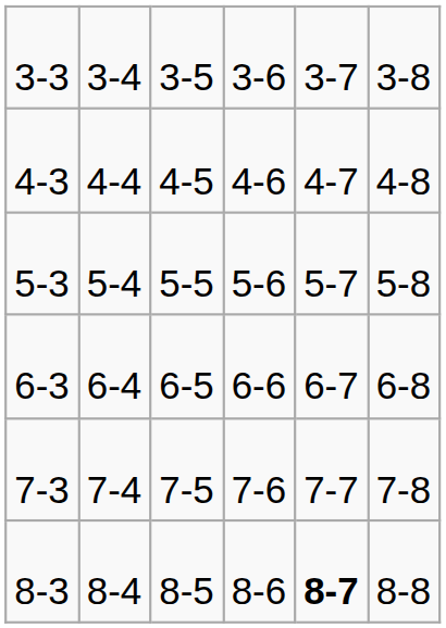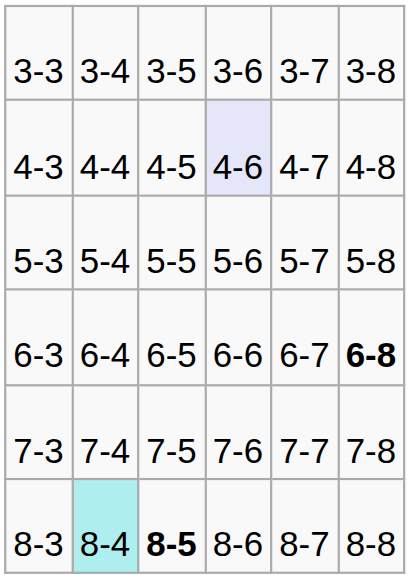 <table class="wikitable" align=right>
 <tr align=center>
 <td><br>3-3</td>
 <td><br>3-4</td>
 <td><br>3-5</td>
 <td><br>3-6</td>
 <td><br>3-7</td>
 <td><br>3-8</td>
 </tr>
 <tr align=center>
 <td><br>4-3</td>
 <td><br>4-4</td>
 <td><br>4-5</td>
-<td><br>4-6</td>
+<td style="background: lavender;"><br>4-6</td>
 <td><br>4-7</td>
 <td><br>4-8</td>
 </tr>
 <tr align=center>
 <td><br>5-3</td>
 <td><br>5-4</td>
 <td><br>5-5</td>
 <td><br>5-6</td>
 <td><br>5-7</td>
 <td><br>5-8</td>
 </tr>
 <tr align=center>
 <td><br>6-3</td>
 <td><br>6-4</td>
 <td><br>6-5</td>
 <td><br>6-6</td>
 <td><br>6-7</td>
-<td><br>6-8</td>
+<td><strong><br>6-8</strong></td>
 </tr>
 <tr align=center>
 <td><br>7-3</td>
 <td><br>7-4</td>
 <td><br>7-5</td>
 <td><br>7-6</td>
 <td><br>7-7</td>
 <td><br>7-8</td>
 </tr>
 <tr align=center>
 <td><br>8-3</td>
-<td><br>8-4</td>
-<td><br>8-5</td>
+<td style="background: paleturquoise;"><br>8-4</td>
+<td><strong><br>8-5</strong></td>
 <td><br>8-6</td>
-<td><strong><br>8-7</strong></td>
+<td><br>8-7</td>
 <td><br>8-8</td>
 </tr>
 </table>
